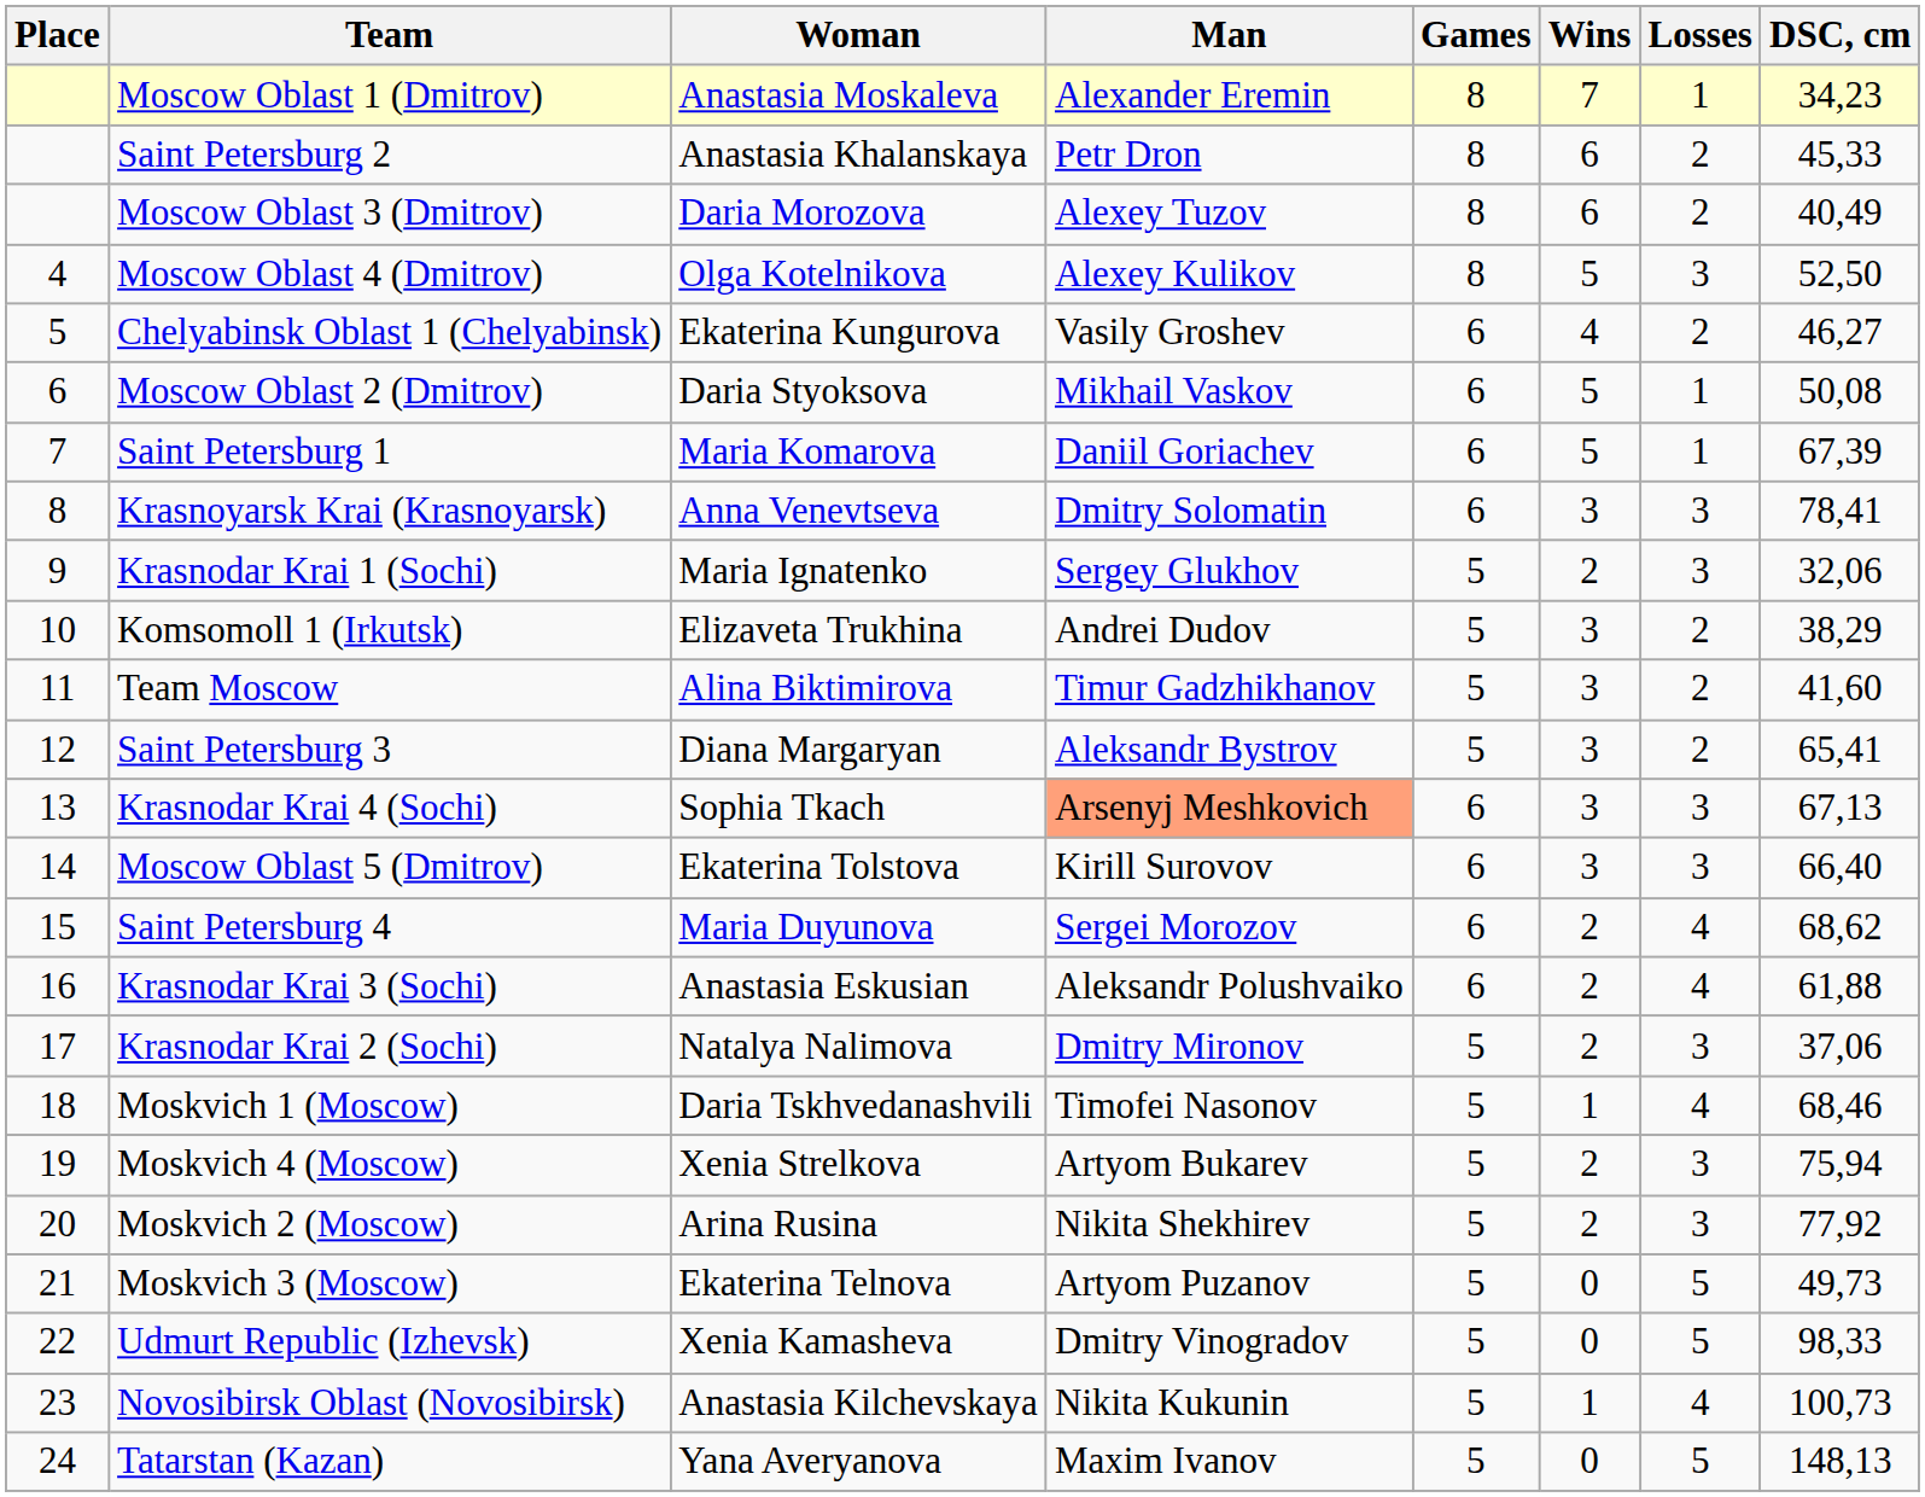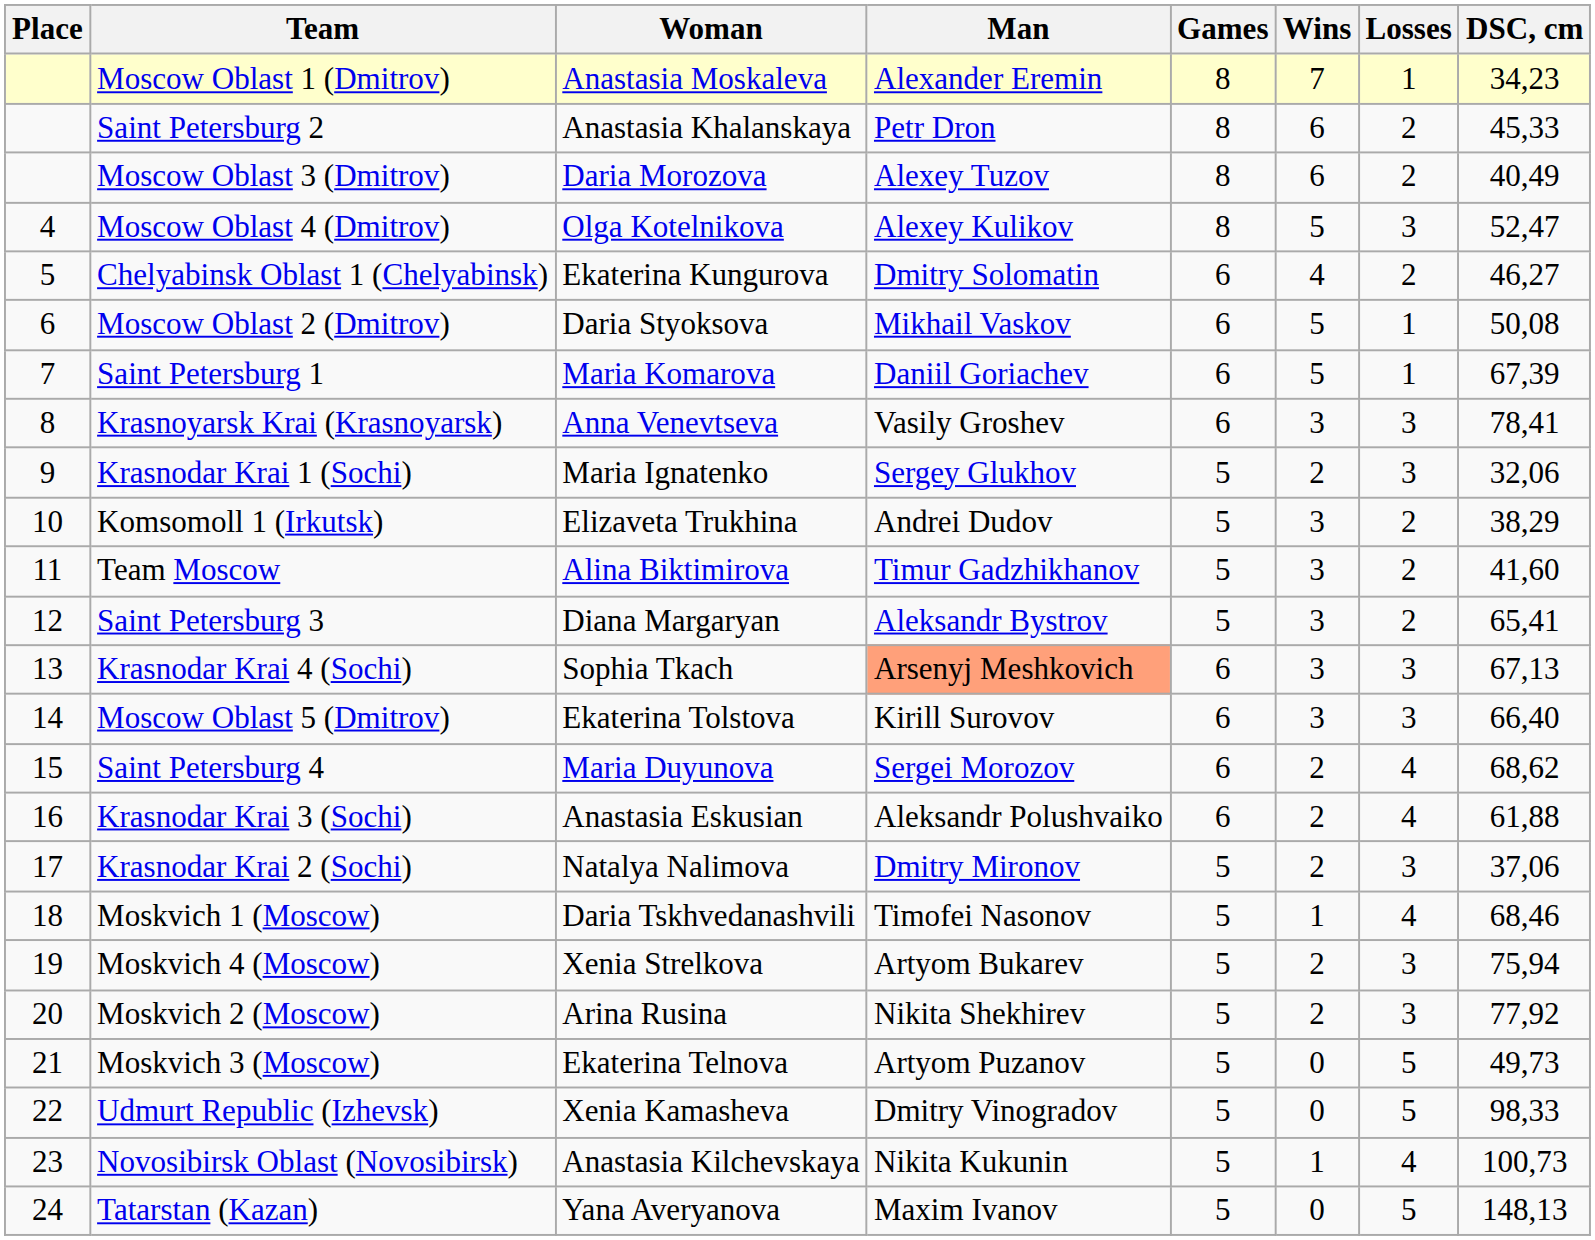 <table class="wikitable" style="text-align:center;">
 <tr>
 <th>Place</th>
 <th>Team</th>
 <th>Woman</th>
 <th>Man</th>
 <th>Games</th>
 <th>Wins</th>
 <th>Losses</th>
 <th>DSC, cm</th>
 </tr>
 <tr style="background:#ffc;">
 <td></td>
 <td align=left><a href='#'>Moscow Oblast</a> 1 (<a href='#'>Dmitrov</a>)</td>
 <td align=left><a href='#'>Anastasia Moskaleva</a></td>
 <td align=left><a href='#'>Alexander Eremin</a></td>
 <td>8</td>
 <td>7</td>
 <td>1</td>
 <td>34,23</td>
 </tr>
 <tr>
 <td></td>
 <td align=left><a href='#'>Saint Petersburg</a> 2</td>
 <td align=left>Anastasia Khalanskaya</td>
 <td align=left><a href='#'>Petr Dron</a></td>
 <td>8</td>
 <td>6</td>
 <td>2</td>
 <td>45,33</td>
 </tr>
 <tr>
 <td></td>
 <td align=left><a href='#'>Moscow Oblast</a> 3 (<a href='#'>Dmitrov</a>)</td>
 <td align=left><a href='#'>Daria Morozova</a></td>
 <td align=left><a href='#'>Alexey Tuzov</a></td>
 <td>8</td>
 <td>6</td>
 <td>2</td>
 <td>40,49</td>
 </tr>
 <tr>
 <td>4</td>
 <td align=left><a href='#'>Moscow Oblast</a> 4 (<a href='#'>Dmitrov</a>)</td>
 <td align=left><a href='#'>Olga Kotelnikova</a></td>
 <td align=left><a href='#'>Alexey Kulikov</a></td>
 <td>8</td>
 <td>5</td>
 <td>3</td>
-<td>52,50</td>
+<td>52,47</td>
 </tr>
 <tr>
 <td>5</td>
 <td align=left><a href='#'>Chelyabinsk Oblast</a> 1 (<a href='#'>Chelyabinsk</a>)</td>
 <td align=left>Ekaterina Kungurova</td>
-<td align=left>Vasily Groshev</td>
+<td align=left><a href='#'>Dmitry Solomatin</a></td>
 <td>6</td>
 <td>4</td>
 <td>2</td>
 <td>46,27</td>
 </tr>
 <tr>
 <td>6</td>
 <td align=left><a href='#'>Moscow Oblast</a> 2 (<a href='#'>Dmitrov</a>)</td>
 <td align=left>Daria Styoksova</td>
 <td align=left><a href='#'>Mikhail Vaskov</a></td>
 <td>6</td>
 <td>5</td>
 <td>1</td>
 <td>50,08</td>
 </tr>
 <tr>
 <td>7</td>
 <td align=left><a href='#'>Saint Petersburg</a> 1</td>
 <td align=left><a href='#'>Maria Komarova</a></td>
 <td align=left><a href='#'>Daniil Goriachev</a></td>
 <td>6</td>
 <td>5</td>
 <td>1</td>
 <td>67,39</td>
 </tr>
 <tr>
 <td>8</td>
 <td align=left><a href='#'>Krasnoyarsk Krai</a> (<a href='#'>Krasnoyarsk</a>)</td>
 <td align=left><a href='#'>Anna Venevtseva</a></td>
-<td align=left><a href='#'>Dmitry Solomatin</a></td>
+<td align=left>Vasily Groshev</td>
 <td>6</td>
 <td>3</td>
 <td>3</td>
 <td>78,41</td>
 </tr>
 <tr>
 <td>9</td>
 <td align=left><a href='#'>Krasnodar Krai</a> 1 (<a href='#'>Sochi</a>)</td>
 <td align=left>Maria Ignatenko</td>
 <td align=left><a href='#'>Sergey Glukhov</a></td>
 <td>5</td>
 <td>2</td>
 <td>3</td>
 <td>32,06</td>
 </tr>
 <tr>
 <td>10</td>
 <td align=left>Komsomoll 1 (<a href='#'>Irkutsk</a>)</td>
 <td align=left>Elizaveta Trukhina</td>
 <td align=left>Andrei Dudov</td>
 <td>5</td>
 <td>3</td>
 <td>2</td>
 <td>38,29</td>
 </tr>
 <tr>
 <td>11</td>
 <td align=left>Team <a href='#'>Moscow</a></td>
 <td align=left><a href='#'>Alina Biktimirova</a></td>
 <td align=left><a href='#'>Timur Gadzhikhanov</a></td>
 <td>5</td>
 <td>3</td>
 <td>2</td>
 <td>41,60</td>
 </tr>
 <tr>
 <td>12</td>
 <td align=left><a href='#'>Saint Petersburg</a> 3</td>
 <td align=left>Diana Margaryan</td>
 <td align=left><a href='#'>Aleksandr Bystrov</a></td>
 <td>5</td>
 <td>3</td>
 <td>2</td>
 <td>65,41</td>
 </tr>
 <tr>
 <td>13</td>
 <td align=left><a href='#'>Krasnodar Krai</a> 4 (<a href='#'>Sochi</a>)</td>
 <td align=left>Sophia Tkach</td>
 <td align=left style="background: lightsalmon;">Arsenyj Meshkovich</td>
 <td>6</td>
 <td>3</td>
 <td>3</td>
 <td>67,13</td>
 </tr>
 <tr>
 <td>14</td>
 <td align=left><a href='#'>Moscow Oblast</a> 5 (<a href='#'>Dmitrov</a>)</td>
 <td align=left>Ekaterina Tolstova</td>
 <td align=left>Kirill Surovov</td>
 <td>6</td>
 <td>3</td>
 <td>3</td>
 <td>66,40</td>
 </tr>
 <tr>
 <td>15</td>
 <td align=left><a href='#'>Saint Petersburg</a> 4</td>
 <td align=left><a href='#'>Maria Duyunova</a></td>
 <td align=left><a href='#'>Sergei Morozov</a></td>
 <td>6</td>
 <td>2</td>
 <td>4</td>
 <td>68,62</td>
 </tr>
 <tr>
 <td>16</td>
 <td align=left><a href='#'>Krasnodar Krai</a> 3 (<a href='#'>Sochi</a>)</td>
 <td align=left>Anastasia Eskusian</td>
 <td align=left>Aleksandr Polushvaiko</td>
 <td>6</td>
 <td>2</td>
 <td>4</td>
 <td>61,88</td>
 </tr>
 <tr>
 <td>17</td>
 <td align=left><a href='#'>Krasnodar Krai</a> 2 (<a href='#'>Sochi</a>)</td>
 <td align=left>Natalya Nalimova</td>
 <td align=left><a href='#'>Dmitry Mironov</a></td>
 <td>5</td>
 <td>2</td>
 <td>3</td>
 <td>37,06</td>
 </tr>
 <tr>
 <td>18</td>
 <td align=left>Moskvich 1 (<a href='#'>Moscow</a>)</td>
 <td align=left>Daria Tskhvedanashvili</td>
 <td align=left>Timofei Nasonov</td>
 <td>5</td>
 <td>1</td>
 <td>4</td>
 <td>68,46</td>
 </tr>
 <tr>
 <td>19</td>
 <td align=left>Moskvich 4 (<a href='#'>Moscow</a>)</td>
 <td align=left>Xenia Strelkova</td>
 <td align=left>Artyom Bukarev</td>
 <td>5</td>
 <td>2</td>
 <td>3</td>
 <td>75,94</td>
 </tr>
 <tr>
 <td>20</td>
 <td align=left>Moskvich 2 (<a href='#'>Moscow</a>)</td>
 <td align=left>Arina Rusina</td>
 <td align=left>Nikita Shekhirev</td>
 <td>5</td>
 <td>2</td>
 <td>3</td>
 <td>77,92</td>
 </tr>
 <tr>
 <td>21</td>
 <td align=left>Moskvich 3 (<a href='#'>Moscow</a>)</td>
 <td align=left>Ekaterina Telnova</td>
 <td align=left>Artyom Puzanov</td>
 <td>5</td>
 <td>0</td>
 <td>5</td>
 <td>49,73</td>
 </tr>
 <tr>
 <td>22</td>
 <td align=left><a href='#'>Udmurt Republic</a> (<a href='#'>Izhevsk</a>)</td>
 <td align=left>Xenia Kamasheva</td>
 <td align=left>Dmitry Vinogradov</td>
 <td>5</td>
 <td>0</td>
 <td>5</td>
 <td>98,33</td>
 </tr>
 <tr>
 <td>23</td>
 <td align=left><a href='#'>Novosibirsk Oblast</a> (<a href='#'>Novosibirsk</a>)</td>
 <td align=left>Anastasia Kilchevskaya</td>
 <td align=left>Nikita Kukunin</td>
 <td>5</td>
 <td>1</td>
 <td>4</td>
 <td>100,73</td>
 </tr>
 <tr>
 <td>24</td>
 <td align=left><a href='#'>Tatarstan</a> (<a href='#'>Kazan</a>)</td>
 <td align=left>Yana Averyanova</td>
 <td align=left>Maxim Ivanov</td>
 <td>5</td>
 <td>0</td>
 <td>5</td>
 <td>148,13</td>
 </tr>
 </table>
